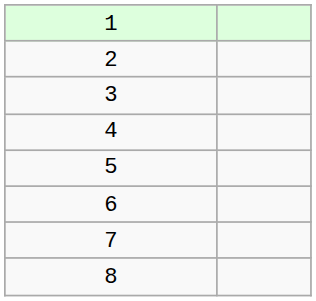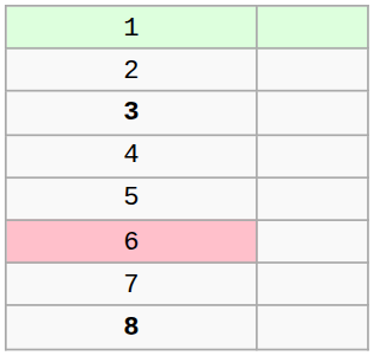 <table class="wikitable" style="width:180px;">
 <tr style="background:#dfd;">
 <td align=center>1</td>
 <td> </td>
 </tr>
 <tr>
 <td align=center>2</td>
 <td></td>
 </tr>
 <tr>
-<td align=center>3</td>
+<td align=center><strong>3</strong></td>
 <td></td>
 </tr>
 <tr>
 <td align=center>4</td>
 <td></td>
 </tr>
 <tr>
 <td align=center>5</td>
 <td></td>
 </tr>
 <tr>
-<td align=center>6</td>
+<td align=center style="background: pink;">6</td>
 <td></td>
 </tr>
 <tr>
 <td align=center>7</td>
 <td></td>
 </tr>
 <tr>
-<td align=center>8</td>
+<td align=center><strong>8</strong></td>
 <td></td>
 </tr>
 </table>
